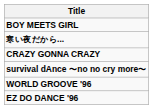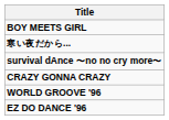 <table class="wikitable" style="font-size:small;">
 <tr>
 <th>Title</th>
 </tr>
 <tr>
 <td><strong>BOY MEETS GIRL</strong></td>
 </tr>
 <tr>
 <td><strong>寒い夜だから...</strong></td>
 </tr>
 <tr>
-<td><strong>CRAZY GONNA CRAZY</strong></td>
+<td><strong>survival dAnce 〜no no cry more〜</strong></td>
 </tr>
 <tr>
-<td><strong>survival dAnce 〜no no cry more〜</strong></td>
+<td><strong>CRAZY GONNA CRAZY</strong></td>
 </tr>
 <tr>
 <td><strong>WORLD GROOVE '96</strong></td>
 </tr>
 <tr>
 <td><strong>EZ DO DANCE '96</strong></td>
 </tr>
 </table>
